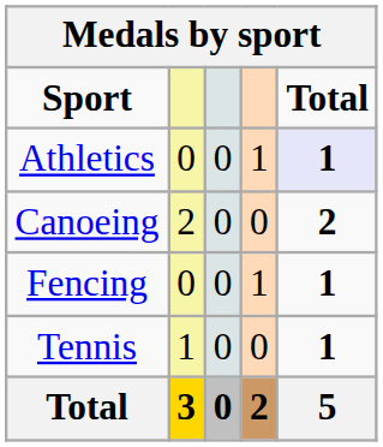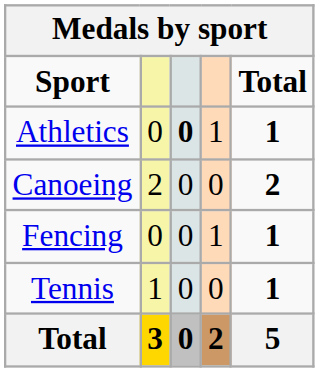 <table class="wikitable" style="font-size:85%;float:left;text-align:center">
 <tr style="background:#efefef;">
 <th colspan=5><strong>Medals by sport</strong></th>
 </tr>
 <tr align=center>
 <td><strong>Sport</strong></td>
 <td bgcolor=#f7f6a8></td>
 <td bgcolor=#dce5e5></td>
 <td bgcolor=#ffdab9></td>
 <td><strong>Total</strong></td>
 </tr>
 <tr align=center>
 <td><a href='#'>Athletics</a></td>
 <td style="background:#F7F6A8;">0</td>
-<td style="background:#DCE5E5;">0</td>
+<td style="background:#DCE5E5;"><strong>0</strong></td>
 <td style="background:#FFDAB9;">1</td>
-<td style="background: lavender;"><strong>1</strong></td>
+<td><strong>1</strong></td>
 </tr>
 <tr align=center>
 <td><a href='#'>Canoeing</a></td>
 <td style="background:#F7F6A8;">2</td>
 <td style="background:#DCE5E5;">0</td>
 <td style="background:#FFDAB9;">0</td>
 <td><strong>2</strong></td>
 </tr>
 <tr align=center>
 <td><a href='#'>Fencing</a></td>
 <td style="background:#F7F6A8;">0</td>
 <td style="background:#DCE5E5;">0</td>
 <td style="background:#FFDAB9;">1</td>
 <td><strong>1</strong></td>
 </tr>
 <tr align=center>
 <td><a href='#'>Tennis</a></td>
 <td style="background:#F7F6A8;">1</td>
 <td style="background:#DCE5E5;">0</td>
 <td style="background:#FFDAB9;">0</td>
 <td><strong>1</strong></td>
 </tr>
 <tr align=center>
 <th><strong>Total</strong></th>
 <th style="background:gold;"><strong>3</strong></th>
 <th style="background:silver;"><strong>0</strong></th>
 <th style="background:#c96;"><strong>2</strong></th>
 <th><strong>5</strong></th>
 </tr>
 </table>
